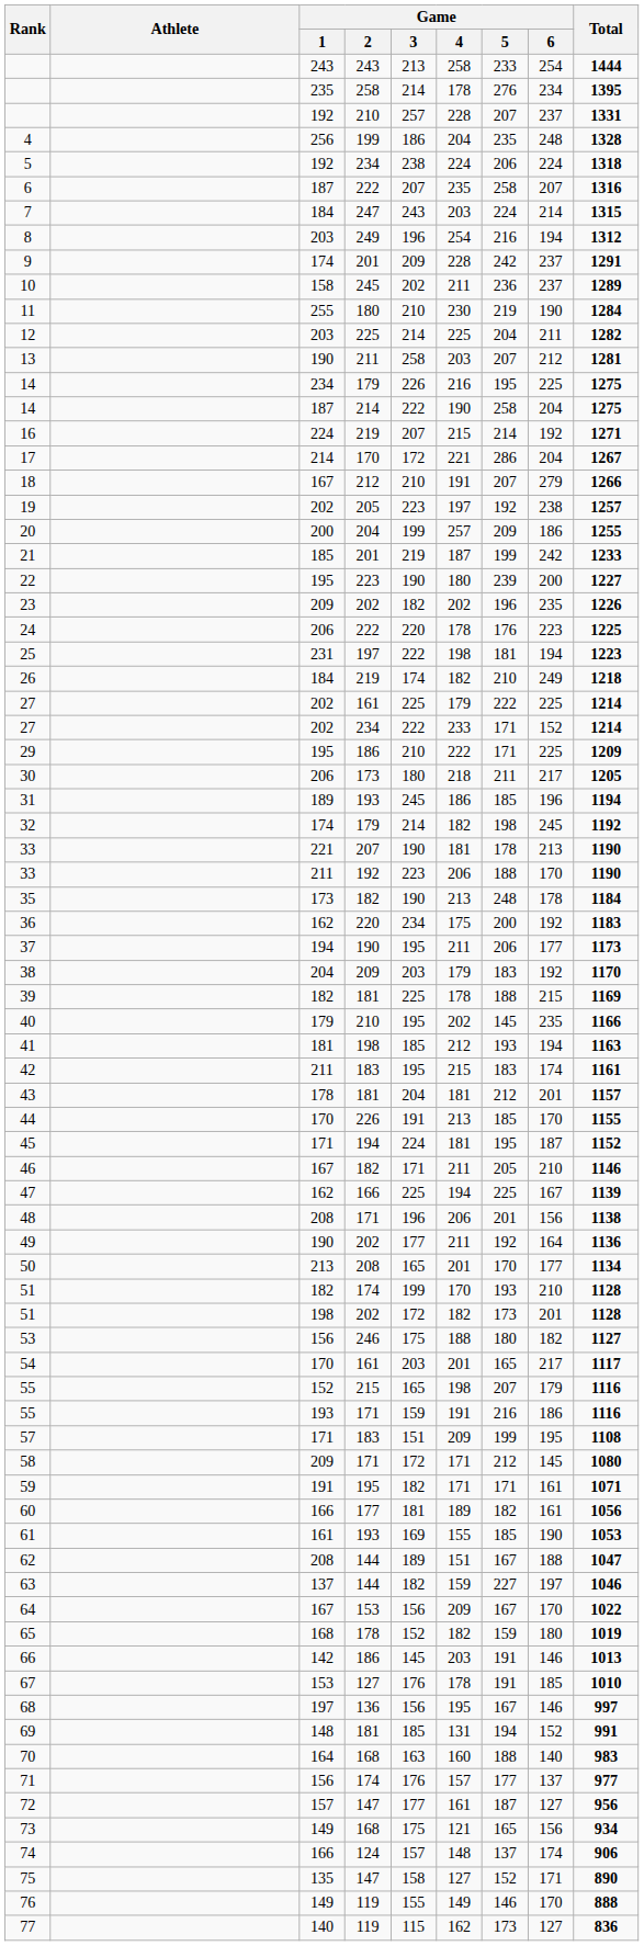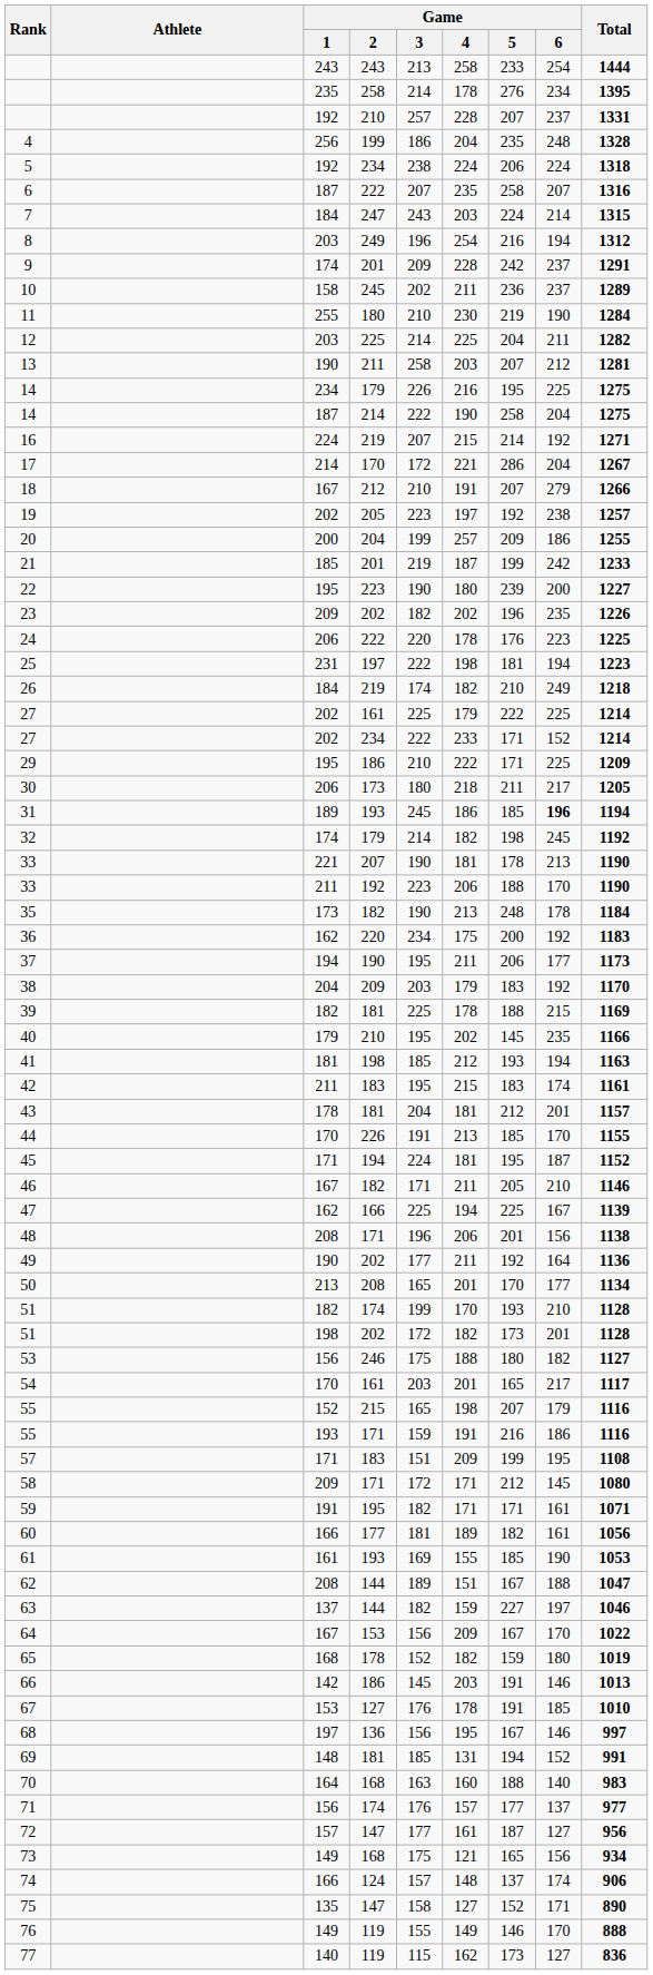 <table class=wikitable style="text-align:center">
 <tr>
 <th rowspan="2" width=40>Rank</th>
 <th rowspan="2" width=250>Athlete</th>
 <th colspan="6">Game</th>
 <th rowspan="2" width=60>Total</th>
 </tr>
 <tr>
 <th width=40>1</th>
 <th width=40>2</th>
 <th width=40>3</th>
 <th width=40>4</th>
 <th width=40>5</th>
 <th width=40>6</th>
 </tr>
 <tr>
 <td></td>
 <td align=left></td>
 <td>243</td>
 <td>243</td>
 <td>213</td>
 <td>258</td>
 <td>233</td>
 <td>254</td>
 <td><strong>1444</strong></td>
 </tr>
 <tr>
 <td></td>
 <td align=left></td>
 <td>235</td>
 <td>258</td>
 <td>214</td>
 <td>178</td>
 <td>276</td>
 <td>234</td>
 <td><strong>1395</strong></td>
 </tr>
 <tr>
 <td></td>
 <td align=left></td>
 <td>192</td>
 <td>210</td>
 <td>257</td>
 <td>228</td>
 <td>207</td>
 <td>237</td>
 <td><strong>1331</strong></td>
 </tr>
 <tr>
 <td>4</td>
 <td align=left></td>
 <td>256</td>
 <td>199</td>
 <td>186</td>
 <td>204</td>
 <td>235</td>
 <td>248</td>
 <td><strong>1328</strong></td>
 </tr>
 <tr>
 <td>5</td>
 <td align=left></td>
 <td>192</td>
 <td>234</td>
 <td>238</td>
 <td>224</td>
 <td>206</td>
 <td>224</td>
 <td><strong>1318</strong></td>
 </tr>
 <tr>
 <td>6</td>
 <td align=left></td>
 <td>187</td>
 <td>222</td>
 <td>207</td>
 <td>235</td>
 <td>258</td>
 <td>207</td>
 <td><strong>1316</strong></td>
 </tr>
 <tr>
 <td>7</td>
 <td align=left></td>
 <td>184</td>
 <td>247</td>
 <td>243</td>
 <td>203</td>
 <td>224</td>
 <td>214</td>
 <td><strong>1315</strong></td>
 </tr>
 <tr>
 <td>8</td>
 <td align=left></td>
 <td>203</td>
 <td>249</td>
 <td>196</td>
 <td>254</td>
 <td>216</td>
 <td>194</td>
 <td><strong>1312</strong></td>
 </tr>
 <tr>
 <td>9</td>
 <td align=left></td>
 <td>174</td>
 <td>201</td>
 <td>209</td>
 <td>228</td>
 <td>242</td>
 <td>237</td>
 <td><strong>1291</strong></td>
 </tr>
 <tr>
 <td>10</td>
 <td align=left></td>
 <td>158</td>
 <td>245</td>
 <td>202</td>
 <td>211</td>
 <td>236</td>
 <td>237</td>
 <td><strong>1289</strong></td>
 </tr>
 <tr>
 <td>11</td>
 <td align=left></td>
 <td>255</td>
 <td>180</td>
 <td>210</td>
 <td>230</td>
 <td>219</td>
 <td>190</td>
 <td><strong>1284</strong></td>
 </tr>
 <tr>
 <td>12</td>
 <td align=left></td>
 <td>203</td>
 <td>225</td>
 <td>214</td>
 <td>225</td>
 <td>204</td>
 <td>211</td>
 <td><strong>1282</strong></td>
 </tr>
 <tr>
 <td>13</td>
 <td align=left></td>
 <td>190</td>
 <td>211</td>
 <td>258</td>
 <td>203</td>
 <td>207</td>
 <td>212</td>
 <td><strong>1281</strong></td>
 </tr>
 <tr>
 <td>14</td>
 <td align=left></td>
 <td>234</td>
 <td>179</td>
 <td>226</td>
 <td>216</td>
 <td>195</td>
 <td>225</td>
 <td><strong>1275</strong></td>
 </tr>
 <tr>
 <td>14</td>
 <td align=left></td>
 <td>187</td>
 <td>214</td>
 <td>222</td>
 <td>190</td>
 <td>258</td>
 <td>204</td>
 <td><strong>1275</strong></td>
 </tr>
 <tr>
 <td>16</td>
 <td align=left></td>
 <td>224</td>
 <td>219</td>
 <td>207</td>
 <td>215</td>
 <td>214</td>
 <td>192</td>
 <td><strong>1271</strong></td>
 </tr>
 <tr>
 <td>17</td>
 <td align=left></td>
 <td>214</td>
 <td>170</td>
 <td>172</td>
 <td>221</td>
 <td>286</td>
 <td>204</td>
 <td><strong>1267</strong></td>
 </tr>
 <tr>
 <td>18</td>
 <td align=left></td>
 <td>167</td>
 <td>212</td>
 <td>210</td>
 <td>191</td>
 <td>207</td>
 <td>279</td>
 <td><strong>1266</strong></td>
 </tr>
 <tr>
 <td>19</td>
 <td align=left></td>
 <td>202</td>
 <td>205</td>
 <td>223</td>
 <td>197</td>
 <td>192</td>
 <td>238</td>
 <td><strong>1257</strong></td>
 </tr>
 <tr>
 <td>20</td>
 <td align=left></td>
 <td>200</td>
 <td>204</td>
 <td>199</td>
 <td>257</td>
 <td>209</td>
 <td>186</td>
 <td><strong>1255</strong></td>
 </tr>
 <tr>
 <td>21</td>
 <td align=left></td>
 <td>185</td>
 <td>201</td>
 <td>219</td>
 <td>187</td>
 <td>199</td>
 <td>242</td>
 <td><strong>1233</strong></td>
 </tr>
 <tr>
 <td>22</td>
 <td align=left></td>
 <td>195</td>
 <td>223</td>
 <td>190</td>
 <td>180</td>
 <td>239</td>
 <td>200</td>
 <td><strong>1227</strong></td>
 </tr>
 <tr>
 <td>23</td>
 <td align=left></td>
 <td>209</td>
 <td>202</td>
 <td>182</td>
 <td>202</td>
 <td>196</td>
 <td>235</td>
 <td><strong>1226</strong></td>
 </tr>
 <tr>
 <td>24</td>
 <td align=left></td>
 <td>206</td>
 <td>222</td>
 <td>220</td>
 <td>178</td>
 <td>176</td>
 <td>223</td>
 <td><strong>1225</strong></td>
 </tr>
 <tr>
 <td>25</td>
 <td align=left></td>
 <td>231</td>
 <td>197</td>
 <td>222</td>
 <td>198</td>
 <td>181</td>
 <td>194</td>
 <td><strong>1223</strong></td>
 </tr>
 <tr>
 <td>26</td>
 <td align=left></td>
 <td>184</td>
 <td>219</td>
 <td>174</td>
 <td>182</td>
 <td>210</td>
 <td>249</td>
 <td><strong>1218</strong></td>
 </tr>
 <tr>
 <td>27</td>
 <td align=left></td>
 <td>202</td>
 <td>161</td>
 <td>225</td>
 <td>179</td>
 <td>222</td>
 <td>225</td>
 <td><strong>1214</strong></td>
 </tr>
 <tr>
 <td>27</td>
 <td align=left></td>
 <td>202</td>
 <td>234</td>
 <td>222</td>
 <td>233</td>
 <td>171</td>
 <td>152</td>
 <td><strong>1214</strong></td>
 </tr>
 <tr>
 <td>29</td>
 <td align=left></td>
 <td>195</td>
 <td>186</td>
 <td>210</td>
 <td>222</td>
 <td>171</td>
 <td>225</td>
 <td><strong>1209</strong></td>
 </tr>
 <tr>
 <td>30</td>
 <td align=left></td>
 <td>206</td>
 <td>173</td>
 <td>180</td>
 <td>218</td>
 <td>211</td>
 <td>217</td>
 <td><strong>1205</strong></td>
 </tr>
 <tr>
 <td>31</td>
 <td align=left></td>
 <td>189</td>
 <td>193</td>
 <td>245</td>
 <td>186</td>
 <td>185</td>
-<td>196</td>
+<td><strong>196</strong></td>
 <td><strong>1194</strong></td>
 </tr>
 <tr>
 <td>32</td>
 <td align=left></td>
 <td>174</td>
 <td>179</td>
 <td>214</td>
 <td>182</td>
 <td>198</td>
 <td>245</td>
 <td><strong>1192</strong></td>
 </tr>
 <tr>
 <td>33</td>
 <td align=left></td>
 <td>221</td>
 <td>207</td>
 <td>190</td>
 <td>181</td>
 <td>178</td>
 <td>213</td>
 <td><strong>1190</strong></td>
 </tr>
 <tr>
 <td>33</td>
 <td align=left></td>
 <td>211</td>
 <td>192</td>
 <td>223</td>
 <td>206</td>
 <td>188</td>
 <td>170</td>
 <td><strong>1190</strong></td>
 </tr>
 <tr>
 <td>35</td>
 <td align=left></td>
 <td>173</td>
 <td>182</td>
 <td>190</td>
 <td>213</td>
 <td>248</td>
 <td>178</td>
 <td><strong>1184</strong></td>
 </tr>
 <tr>
 <td>36</td>
 <td align=left></td>
 <td>162</td>
 <td>220</td>
 <td>234</td>
 <td>175</td>
 <td>200</td>
 <td>192</td>
 <td><strong>1183</strong></td>
 </tr>
 <tr>
 <td>37</td>
 <td align=left></td>
 <td>194</td>
 <td>190</td>
 <td>195</td>
 <td>211</td>
 <td>206</td>
 <td>177</td>
 <td><strong>1173</strong></td>
 </tr>
 <tr>
 <td>38</td>
 <td align=left></td>
 <td>204</td>
 <td>209</td>
 <td>203</td>
 <td>179</td>
 <td>183</td>
 <td>192</td>
 <td><strong>1170</strong></td>
 </tr>
 <tr>
 <td>39</td>
 <td align=left></td>
 <td>182</td>
 <td>181</td>
 <td>225</td>
 <td>178</td>
 <td>188</td>
 <td>215</td>
 <td><strong>1169</strong></td>
 </tr>
 <tr>
 <td>40</td>
 <td align=left></td>
 <td>179</td>
 <td>210</td>
 <td>195</td>
 <td>202</td>
 <td>145</td>
 <td>235</td>
 <td><strong>1166</strong></td>
 </tr>
 <tr>
 <td>41</td>
 <td align=left></td>
 <td>181</td>
 <td>198</td>
 <td>185</td>
 <td>212</td>
 <td>193</td>
 <td>194</td>
 <td><strong>1163</strong></td>
 </tr>
 <tr>
 <td>42</td>
 <td align=left></td>
 <td>211</td>
 <td>183</td>
 <td>195</td>
 <td>215</td>
 <td>183</td>
 <td>174</td>
 <td><strong>1161</strong></td>
 </tr>
 <tr>
 <td>43</td>
 <td align=left></td>
 <td>178</td>
 <td>181</td>
 <td>204</td>
 <td>181</td>
 <td>212</td>
 <td>201</td>
 <td><strong>1157</strong></td>
 </tr>
 <tr>
 <td>44</td>
 <td align=left></td>
 <td>170</td>
 <td>226</td>
 <td>191</td>
 <td>213</td>
 <td>185</td>
 <td>170</td>
 <td><strong>1155</strong></td>
 </tr>
 <tr>
 <td>45</td>
 <td align=left></td>
 <td>171</td>
 <td>194</td>
 <td>224</td>
 <td>181</td>
 <td>195</td>
 <td>187</td>
 <td><strong>1152</strong></td>
 </tr>
 <tr>
 <td>46</td>
 <td align=left></td>
 <td>167</td>
 <td>182</td>
 <td>171</td>
 <td>211</td>
 <td>205</td>
 <td>210</td>
 <td><strong>1146</strong></td>
 </tr>
 <tr>
 <td>47</td>
 <td align=left></td>
 <td>162</td>
 <td>166</td>
 <td>225</td>
 <td>194</td>
 <td>225</td>
 <td>167</td>
 <td><strong>1139</strong></td>
 </tr>
 <tr>
 <td>48</td>
 <td align=left></td>
 <td>208</td>
 <td>171</td>
 <td>196</td>
 <td>206</td>
 <td>201</td>
 <td>156</td>
 <td><strong>1138</strong></td>
 </tr>
 <tr>
 <td>49</td>
 <td align=left></td>
 <td>190</td>
 <td>202</td>
 <td>177</td>
 <td>211</td>
 <td>192</td>
 <td>164</td>
 <td><strong>1136</strong></td>
 </tr>
 <tr>
 <td>50</td>
 <td align=left></td>
 <td>213</td>
 <td>208</td>
 <td>165</td>
 <td>201</td>
 <td>170</td>
 <td>177</td>
 <td><strong>1134</strong></td>
 </tr>
 <tr>
 <td>51</td>
 <td align=left></td>
 <td>182</td>
 <td>174</td>
 <td>199</td>
 <td>170</td>
 <td>193</td>
 <td>210</td>
 <td><strong>1128</strong></td>
 </tr>
 <tr>
 <td>51</td>
 <td align=left></td>
 <td>198</td>
 <td>202</td>
 <td>172</td>
 <td>182</td>
 <td>173</td>
 <td>201</td>
 <td><strong>1128</strong></td>
 </tr>
 <tr>
 <td>53</td>
 <td align=left></td>
 <td>156</td>
 <td>246</td>
 <td>175</td>
 <td>188</td>
 <td>180</td>
 <td>182</td>
 <td><strong>1127</strong></td>
 </tr>
 <tr>
 <td>54</td>
 <td align=left></td>
 <td>170</td>
 <td>161</td>
 <td>203</td>
 <td>201</td>
 <td>165</td>
 <td>217</td>
 <td><strong>1117</strong></td>
 </tr>
 <tr>
 <td>55</td>
 <td align=left></td>
 <td>152</td>
 <td>215</td>
 <td>165</td>
 <td>198</td>
 <td>207</td>
 <td>179</td>
 <td><strong>1116</strong></td>
 </tr>
 <tr>
 <td>55</td>
 <td align=left></td>
 <td>193</td>
 <td>171</td>
 <td>159</td>
 <td>191</td>
 <td>216</td>
 <td>186</td>
 <td><strong>1116</strong></td>
 </tr>
 <tr>
 <td>57</td>
 <td align=left></td>
 <td>171</td>
 <td>183</td>
 <td>151</td>
 <td>209</td>
 <td>199</td>
 <td>195</td>
 <td><strong>1108</strong></td>
 </tr>
 <tr>
 <td>58</td>
 <td align=left></td>
 <td>209</td>
 <td>171</td>
 <td>172</td>
 <td>171</td>
 <td>212</td>
 <td>145</td>
 <td><strong>1080</strong></td>
 </tr>
 <tr>
 <td>59</td>
 <td align=left></td>
 <td>191</td>
 <td>195</td>
 <td>182</td>
 <td>171</td>
 <td>171</td>
 <td>161</td>
 <td><strong>1071</strong></td>
 </tr>
 <tr>
 <td>60</td>
 <td align=left></td>
 <td>166</td>
 <td>177</td>
 <td>181</td>
 <td>189</td>
 <td>182</td>
 <td>161</td>
 <td><strong>1056</strong></td>
 </tr>
 <tr>
 <td>61</td>
 <td align=left></td>
 <td>161</td>
 <td>193</td>
 <td>169</td>
 <td>155</td>
 <td>185</td>
 <td>190</td>
 <td><strong>1053</strong></td>
 </tr>
 <tr>
 <td>62</td>
 <td align=left></td>
 <td>208</td>
 <td>144</td>
 <td>189</td>
 <td>151</td>
 <td>167</td>
 <td>188</td>
 <td><strong>1047</strong></td>
 </tr>
 <tr>
 <td>63</td>
 <td align=left></td>
 <td>137</td>
 <td>144</td>
 <td>182</td>
 <td>159</td>
 <td>227</td>
 <td>197</td>
 <td><strong>1046</strong></td>
 </tr>
 <tr>
 <td>64</td>
 <td align=left></td>
 <td>167</td>
 <td>153</td>
 <td>156</td>
 <td>209</td>
 <td>167</td>
 <td>170</td>
 <td><strong>1022</strong></td>
 </tr>
 <tr>
 <td>65</td>
 <td align=left></td>
 <td>168</td>
 <td>178</td>
 <td>152</td>
 <td>182</td>
 <td>159</td>
 <td>180</td>
 <td><strong>1019</strong></td>
 </tr>
 <tr>
 <td>66</td>
 <td align=left></td>
 <td>142</td>
 <td>186</td>
 <td>145</td>
 <td>203</td>
 <td>191</td>
 <td>146</td>
 <td><strong>1013</strong></td>
 </tr>
 <tr>
 <td>67</td>
 <td align=left></td>
 <td>153</td>
 <td>127</td>
 <td>176</td>
 <td>178</td>
 <td>191</td>
 <td>185</td>
 <td><strong>1010</strong></td>
 </tr>
 <tr>
 <td>68</td>
 <td align=left></td>
 <td>197</td>
 <td>136</td>
 <td>156</td>
 <td>195</td>
 <td>167</td>
 <td>146</td>
 <td><strong>997</strong></td>
 </tr>
 <tr>
 <td>69</td>
 <td align=left></td>
 <td>148</td>
 <td>181</td>
 <td>185</td>
 <td>131</td>
 <td>194</td>
 <td>152</td>
 <td><strong>991</strong></td>
 </tr>
 <tr>
 <td>70</td>
 <td align=left></td>
 <td>164</td>
 <td>168</td>
 <td>163</td>
 <td>160</td>
 <td>188</td>
 <td>140</td>
 <td><strong>983</strong></td>
 </tr>
 <tr>
 <td>71</td>
 <td align=left></td>
 <td>156</td>
 <td>174</td>
 <td>176</td>
 <td>157</td>
 <td>177</td>
 <td>137</td>
 <td><strong>977</strong></td>
 </tr>
 <tr>
 <td>72</td>
 <td align=left></td>
 <td>157</td>
 <td>147</td>
 <td>177</td>
 <td>161</td>
 <td>187</td>
 <td>127</td>
 <td><strong>956</strong></td>
 </tr>
 <tr>
 <td>73</td>
 <td align=left></td>
 <td>149</td>
 <td>168</td>
 <td>175</td>
 <td>121</td>
 <td>165</td>
 <td>156</td>
 <td><strong>934</strong></td>
 </tr>
 <tr>
 <td>74</td>
 <td align=left></td>
 <td>166</td>
 <td>124</td>
 <td>157</td>
 <td>148</td>
 <td>137</td>
 <td>174</td>
 <td><strong>906</strong></td>
 </tr>
 <tr>
 <td>75</td>
 <td align=left></td>
 <td>135</td>
 <td>147</td>
 <td>158</td>
 <td>127</td>
 <td>152</td>
 <td>171</td>
 <td><strong>890</strong></td>
 </tr>
 <tr>
 <td>76</td>
 <td align=left></td>
 <td>149</td>
 <td>119</td>
 <td>155</td>
 <td>149</td>
 <td>146</td>
 <td>170</td>
 <td><strong>888</strong></td>
 </tr>
 <tr>
 <td>77</td>
 <td align=left></td>
 <td>140</td>
 <td>119</td>
 <td>115</td>
 <td>162</td>
 <td>173</td>
 <td>127</td>
 <td><strong>836</strong></td>
 </tr>
 </table>
